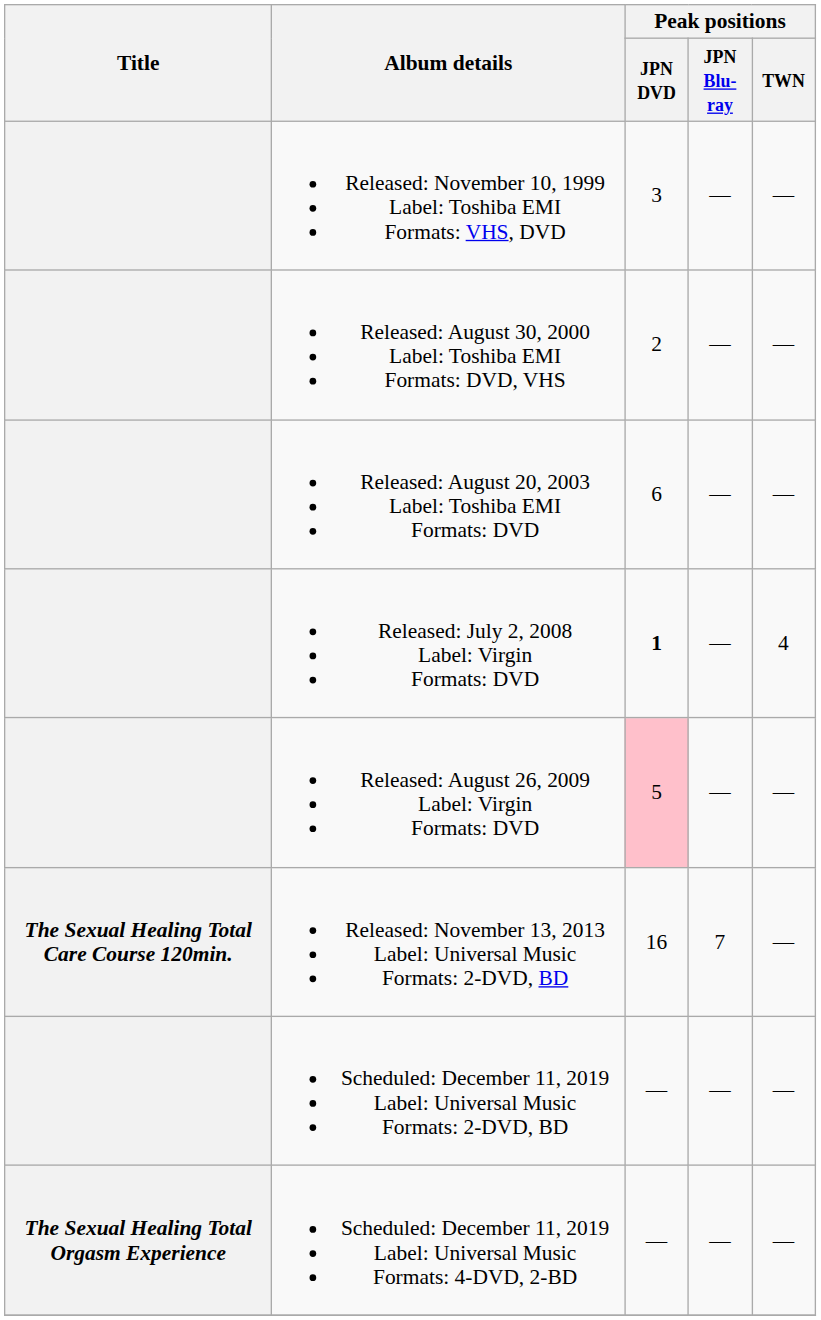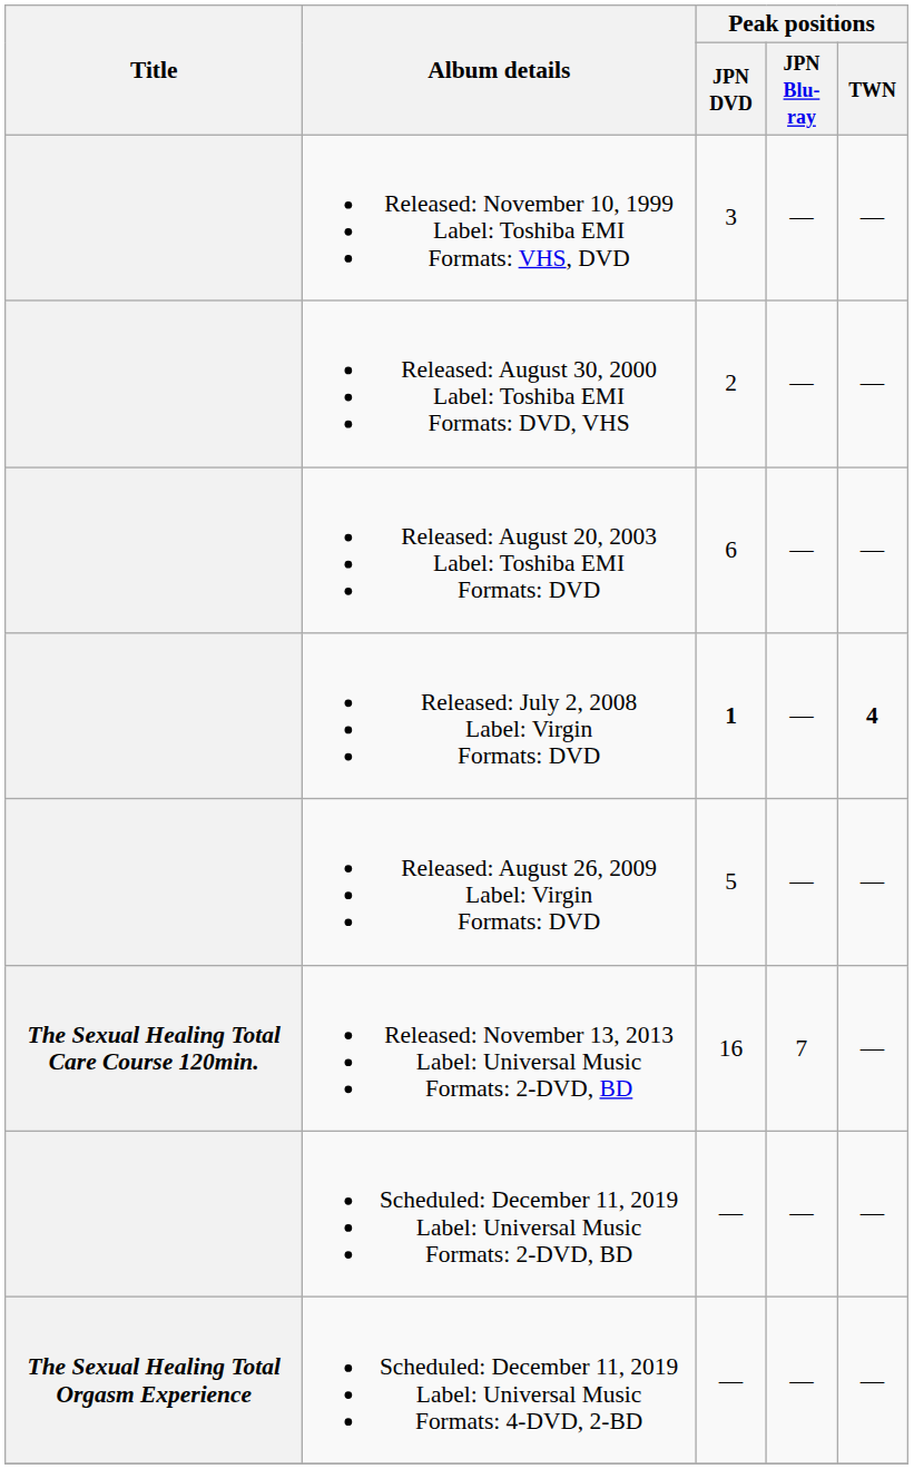 <table class="wikitable plainrowheaders" style="text-align:center;" border="1">
 <tr>
 <th style="width:12em;" rowspan="2">Title</th>
 <th style="width:16em;" rowspan="2">Album details</th>
 <th colspan="3">Peak positions</th>
 </tr>
 <tr>
 <th style="width:2.5em;"><small>JPN DVD</small><br></th>
 <th style="width:2.5em;"><small>JPN <a href='#'>Blu-ray</a></small><br></th>
 <th style="width:2.5em;"><small>TWN</small><br></th>
 </tr>
 <tr>
 <th scope="row"></th>
 <td><br><ul><li>Released: November 10, 1999</li><li>Label: Toshiba EMI</li><li>Formats: <a href='#'>VHS</a>, DVD</li></ul></td>
 <td>3</td>
 <td>—</td>
 <td>—</td>
 </tr>
 <tr>
 <th scope="row"></th>
 <td><br><ul><li>Released: August 30, 2000</li><li>Label: Toshiba EMI</li><li>Formats: DVD, VHS</li></ul></td>
 <td>2</td>
 <td>—</td>
 <td>—</td>
 </tr>
 <tr>
 <th scope="row"></th>
 <td><br><ul><li>Released: August 20, 2003</li><li>Label: Toshiba EMI</li><li>Formats: DVD</li></ul></td>
 <td>6</td>
 <td>—</td>
 <td>—</td>
 </tr>
 <tr>
 <th scope="row"></th>
 <td><br><ul><li>Released: July 2, 2008</li><li>Label: Virgin</li><li>Formats: DVD</li></ul></td>
 <td><strong>1</strong></td>
 <td>—</td>
-<td>4</td>
+<td><strong>4</strong></td>
 </tr>
 <tr>
 <th scope="row"></th>
 <td><br><ul><li>Released: August 26, 2009</li><li>Label: Virgin</li><li>Formats: DVD</li></ul></td>
-<td style="background: pink;">5</td>
+<td>5</td>
 <td>—</td>
 <td>—</td>
 </tr>
 <tr>
 <th scope="row"><em>The Sexual Healing Total Care Course 120min.</em></th>
 <td><br><ul><li>Released: November 13, 2013</li><li>Label: Universal Music</li><li>Formats: 2-DVD, <a href='#'>BD</a></li></ul></td>
 <td>16</td>
 <td>7</td>
 <td>—</td>
 </tr>
 <tr>
 <th scope="row"></th>
 <td><br><ul><li>Scheduled: December 11, 2019</li><li>Label: Universal Music</li><li>Formats: 2-DVD, BD</li></ul></td>
 <td>—</td>
 <td>—</td>
 <td>—</td>
 </tr>
 <tr>
 <th scope="row"><em>The Sexual Healing Total Orgasm Experience</em></th>
 <td><br><ul><li>Scheduled: December 11, 2019</li><li>Label: Universal Music</li><li>Formats: 4-DVD, 2-BD</li></ul></td>
 <td>—</td>
 <td>—</td>
 <td>—</td>
 </tr>
 <tr>
 </tr>
 </table>
